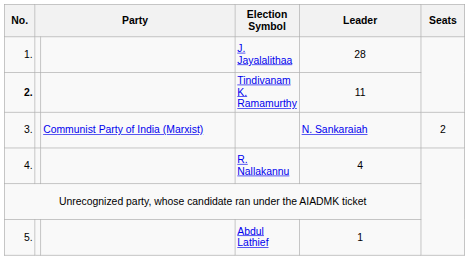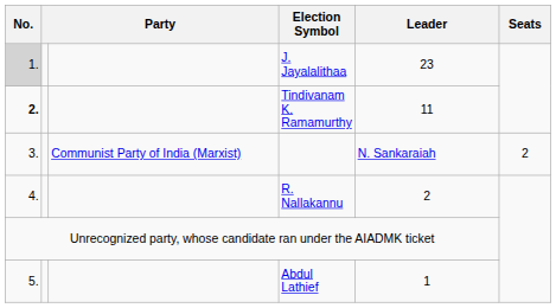 <table class="wikitable">
 <tr style="height: 50px;">
 <th scope="col" style="width:40px;">No.<br></th>
 <th scope="col" style="width:300px;"colspan="2">Party</th>
 <th scope="col" style="width:80px;">Election Symbol</th>
 <th scope="col" style="width:180px;">Leader</th>
 <th scope="col" style="width:60px;">Seats</th>
 </tr>
 <tr style="height: 55px;">
-<td style="text-align:right;">1.</td>
+<td style="background: lightgrey; text-align:right;">1.</td>
 <td></td>
 <td style="text-align:center;"></td>
 <td><a href='#'>J. Jayalalithaa</a></td>
-<td style="text-align:center;">28</td>
+<td style="text-align:center;">23</td>
 </tr>
 <tr style="height: 55px;">
 <td style="text-align:right;"><strong>2.</strong></td>
 <td></td>
 <td style="text-align:center;"></td>
 <td><a href='#'>Tindivanam K. Ramamurthy</a></td>
 <td style="text-align:center;">11</td>
 </tr>
 <tr style="height: 55px;">
 <td style="text-align:right;">3.</td>
 <td></td>
 <td><a href='#'>Communist Party of India  (Marxist)</a></td>
 <td style="text-align:center;"></td>
 <td><a href='#'>N. Sankaraiah</a></td>
 <td style="text-align:center;">2</td>
 </tr>
 <tr style="height: 55px;">
 <td style="text-align:right;">4.</td>
 <td></td>
 <td style="text-align:center;"></td>
 <td><a href='#'>R. Nallakannu</a></td>
-<td style="text-align:center;">4</td>
+<td style="text-align:center;">2</td>
 </tr>
 <tr style="height: 55px;">
 <td colspan = "5" align = "center">Unrecognized party, whose candidate ran under the AIADMK ticket</td>
 </tr>
 <tr style="height: 55px;">
 <td style="text-align:right;">5.</td>
 <td></td>
 <td style="text-align:center;"></td>
 <td><a href='#'>Abdul Lathief</a></td>
 <td style="text-align:center;">1</td>
 </tr>
 </table>
